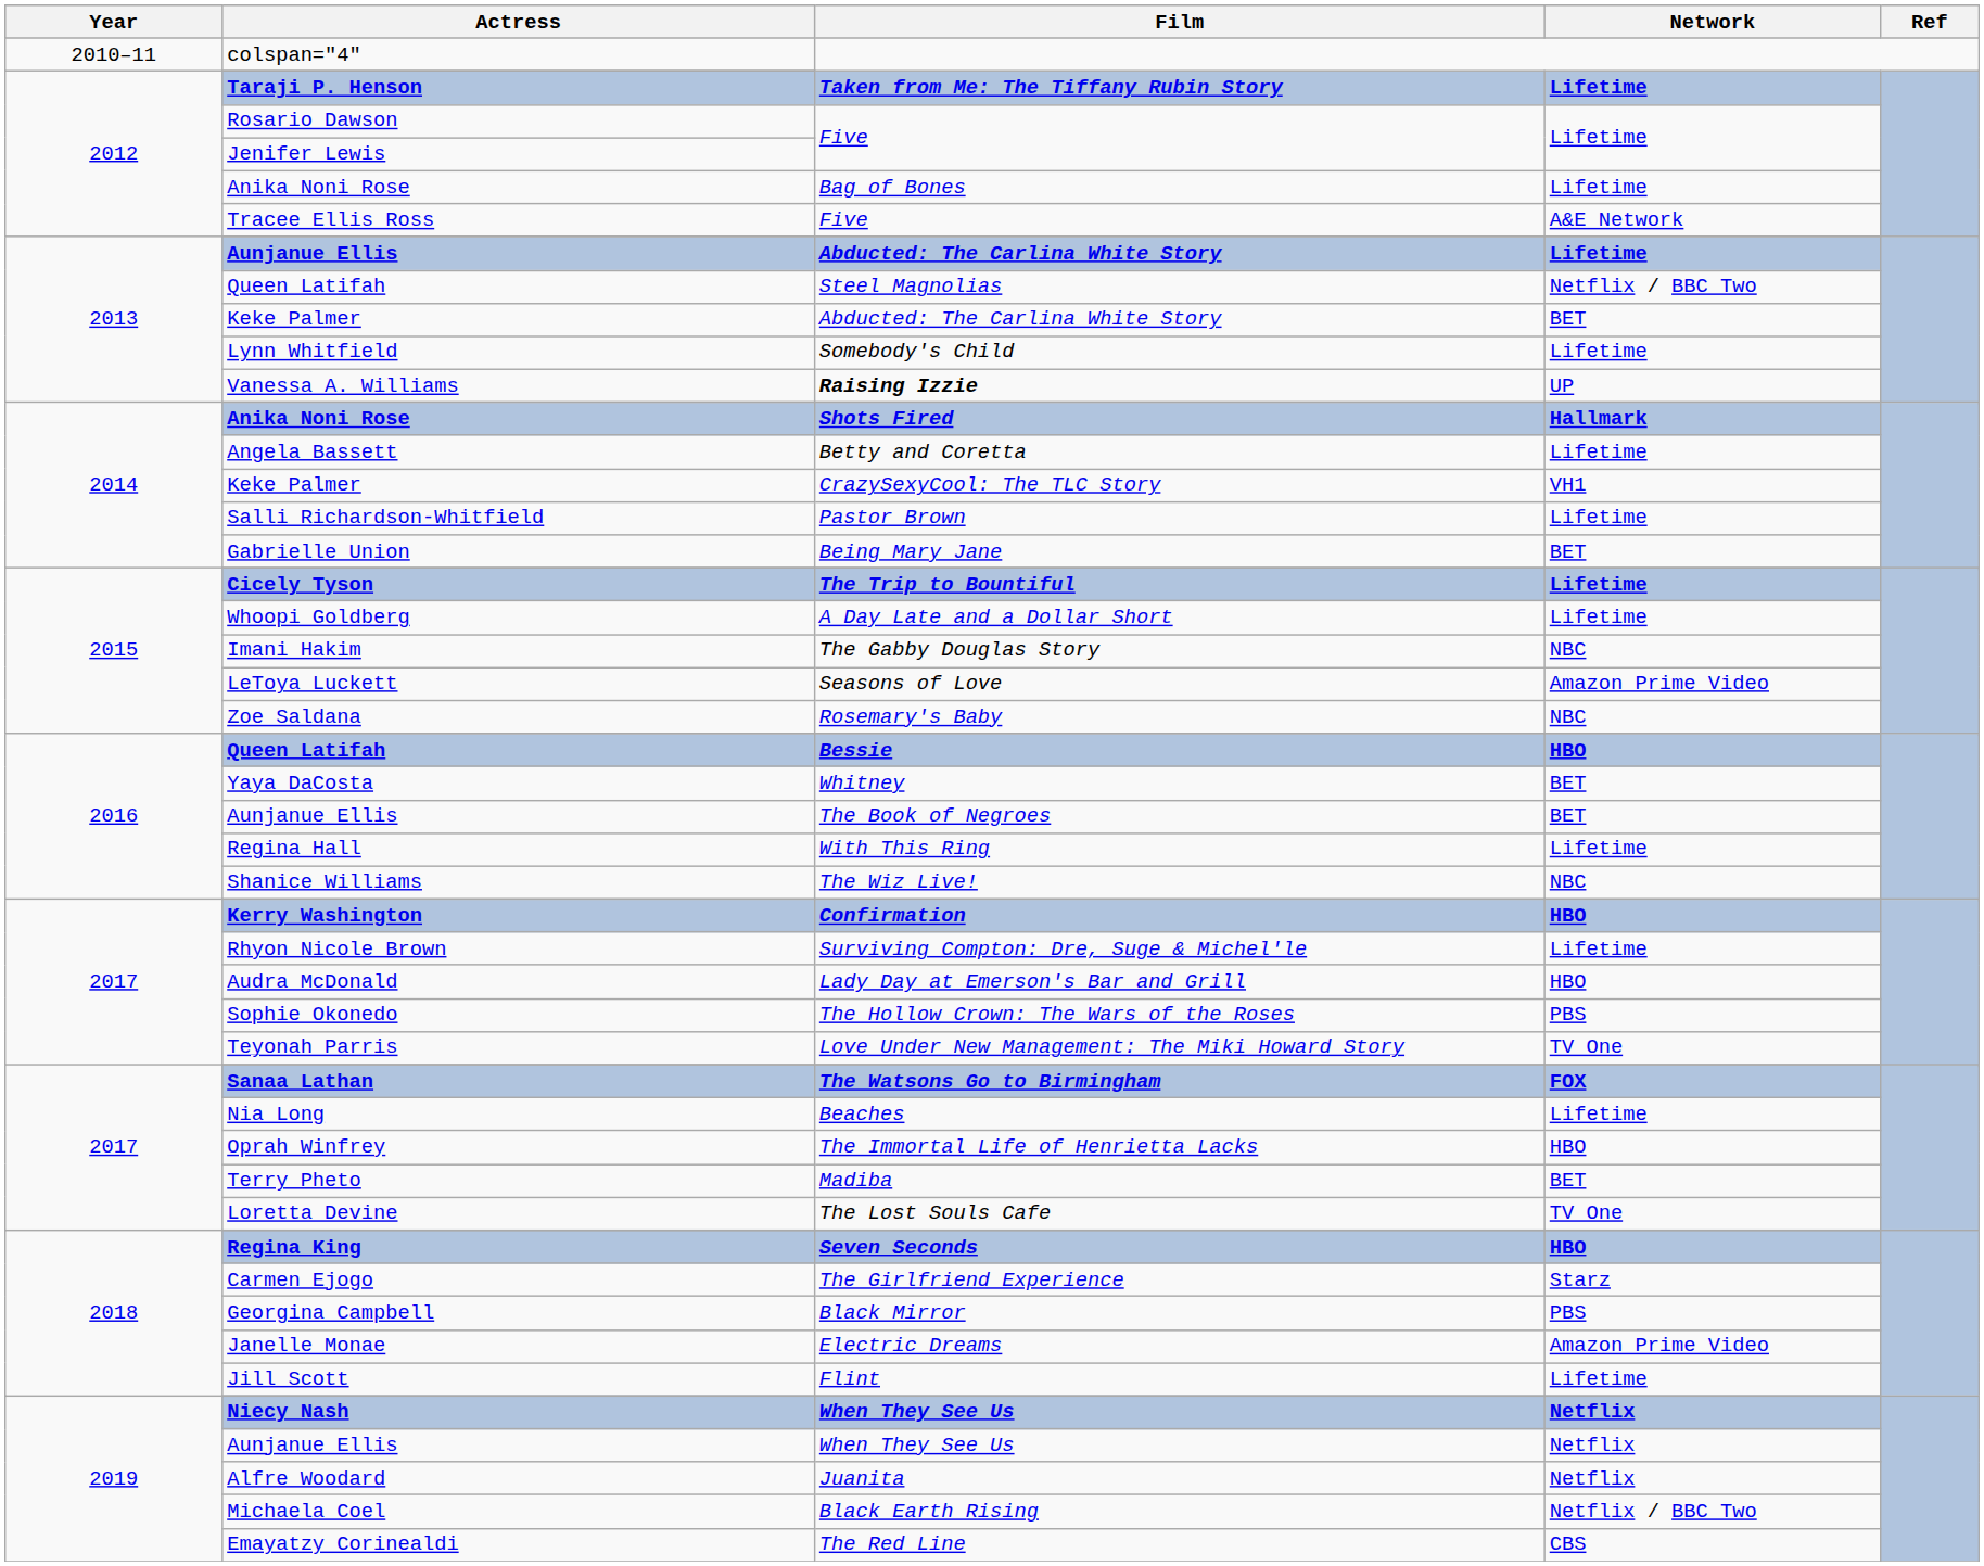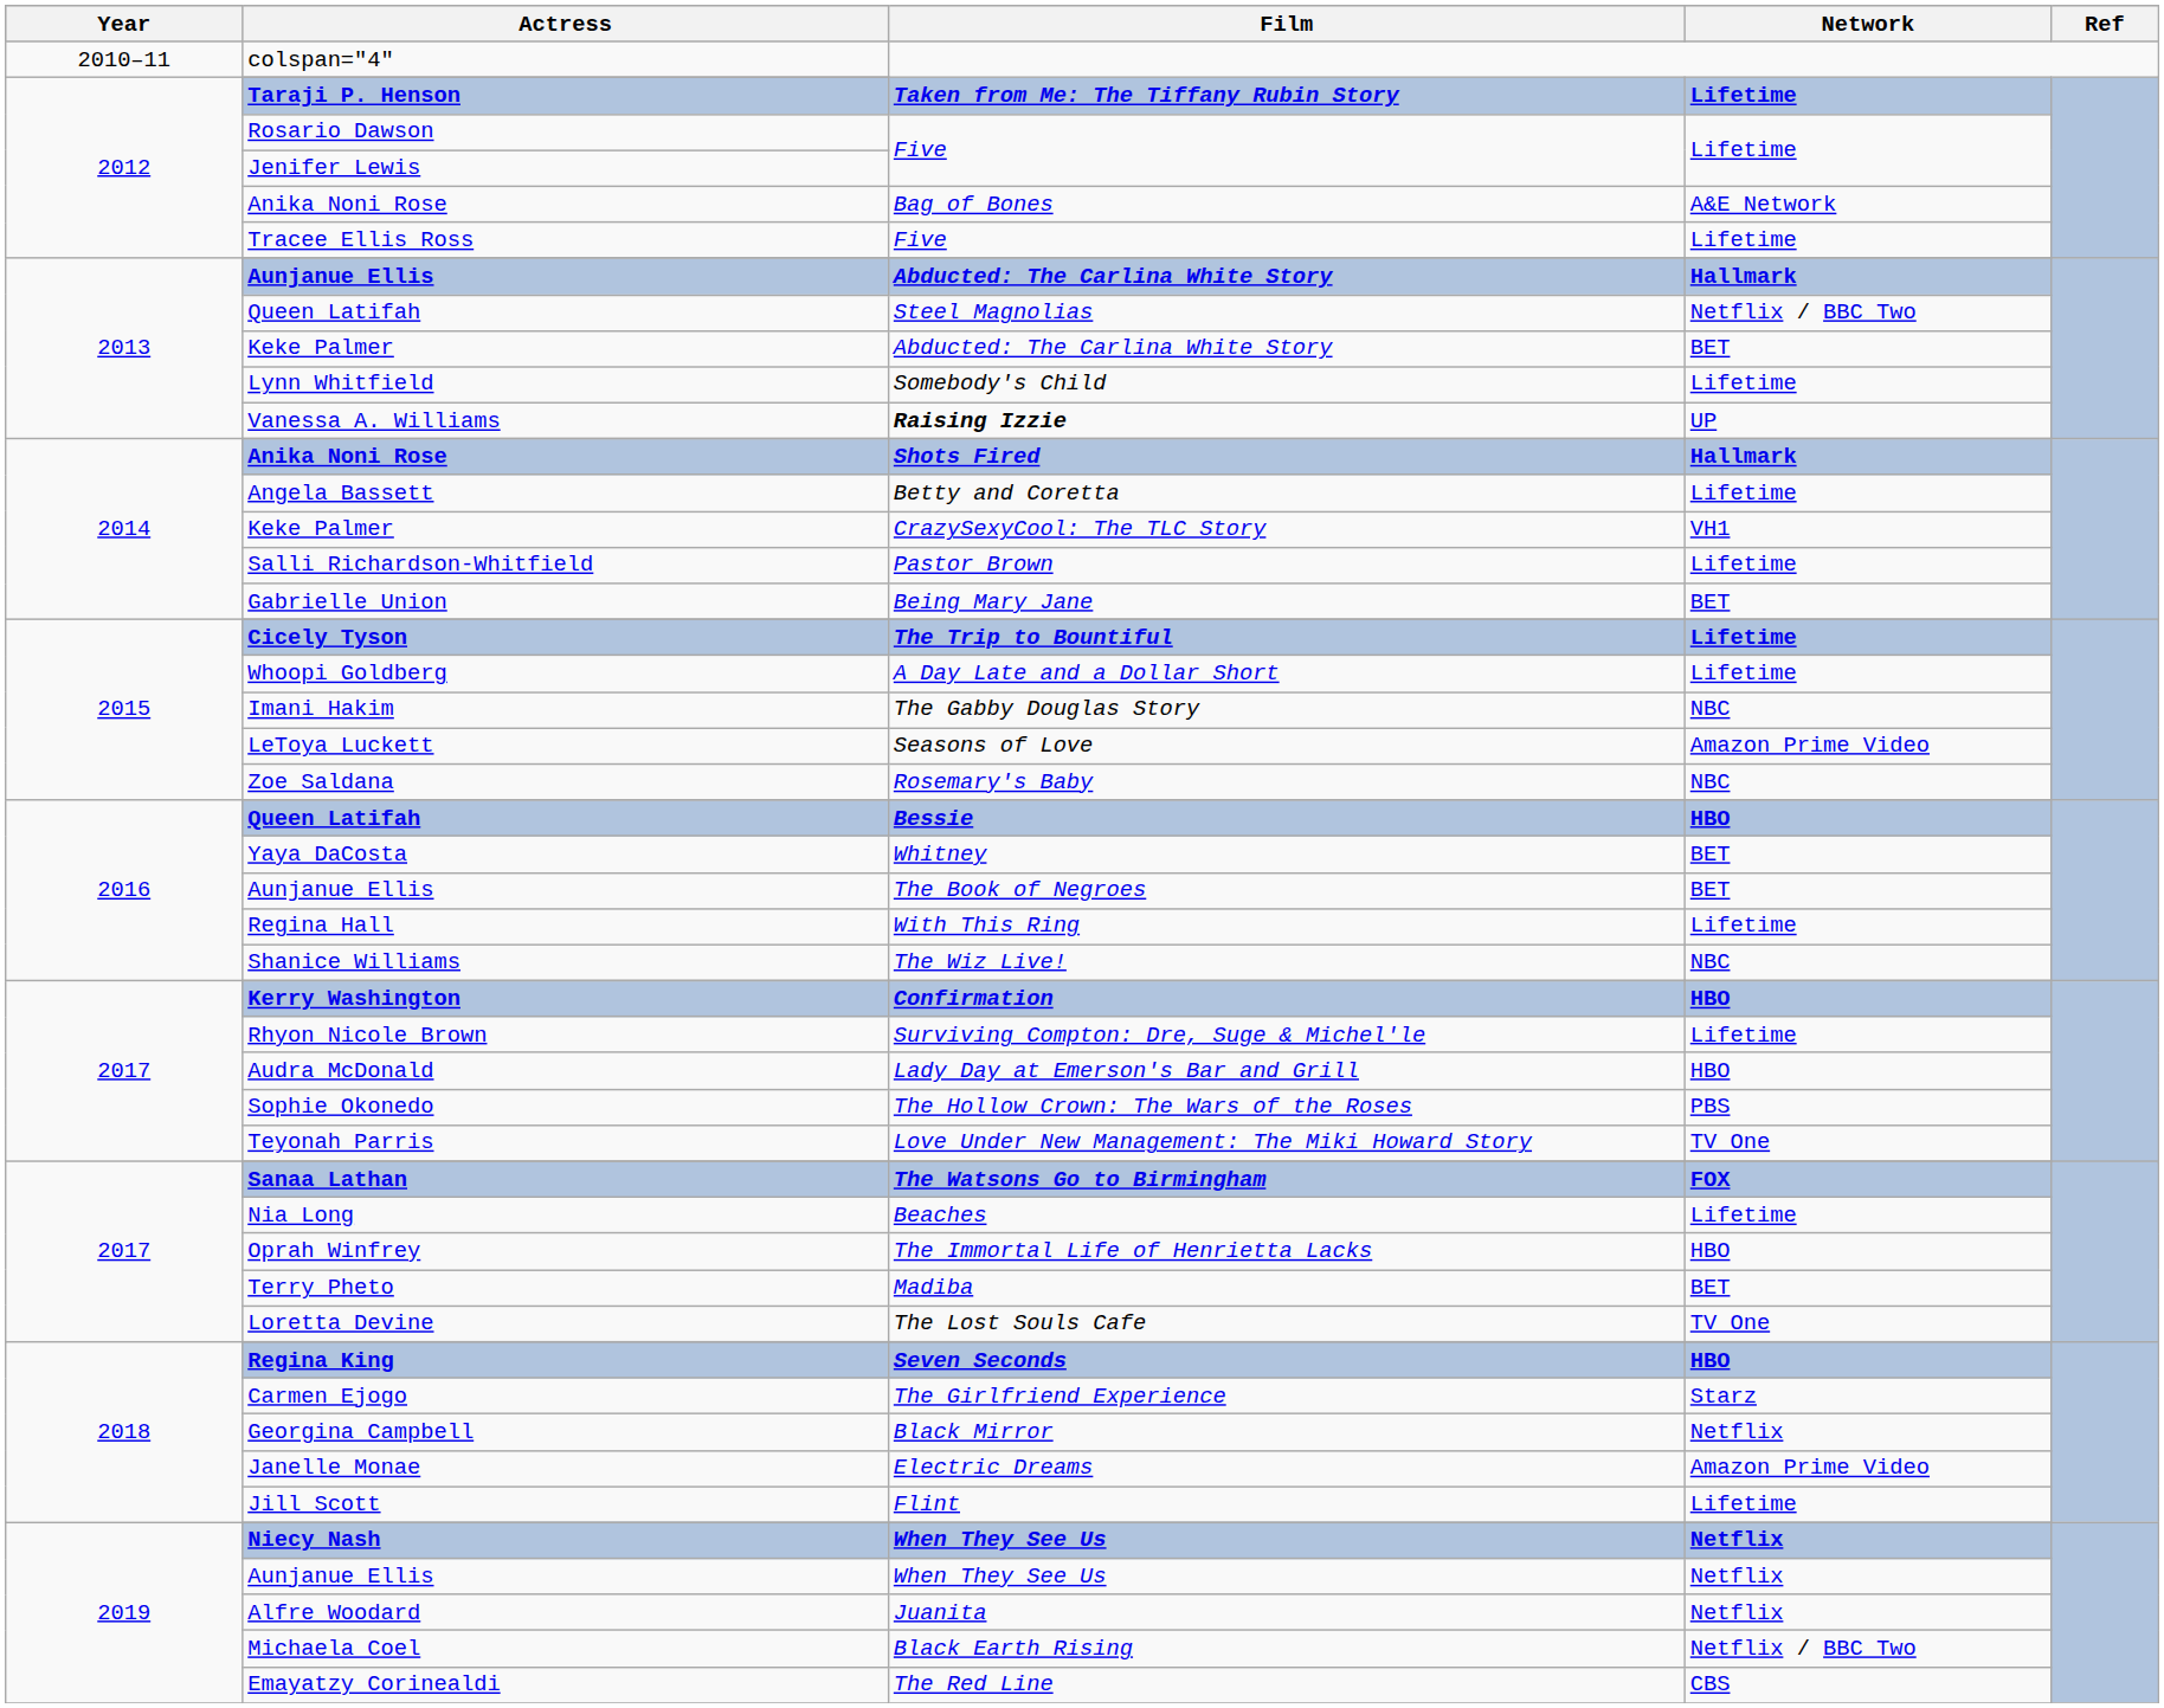 <table class="wikitable" style="width:100%;">
 <tr style="background:#bebebe;">
 <th style="width:11%;">Year</th>
 <th style="width:30%;">Actress</th>
 <th style="width:37%;">Film</th>
 <th style="width:17%;">Network</th>
 <th style="width:5%;">Ref</th>
 </tr>
 <tr>
 <td align="center">2010–11</td>
 <td>colspan="4" </td>
 </tr>
 <tr>
 <td rowspan="6" align="center"><a href='#'>2012</a></td>
 </tr>
 <tr style="background:#B0C4DE">
 <td><strong><a href='#'>Taraji P. Henson</a></strong></td>
 <td><strong><em><a href='#'>Taken from Me: The Tiffany Rubin Story</a></em></strong></td>
 <td><strong><a href='#'>Lifetime</a></strong></td>
 <td rowspan="6" align="center"></td>
 </tr>
 <tr>
 <td><a href='#'>Rosario Dawson</a></td>
 <td rowspan="2"><em><a href='#'>Five</a></em></td>
 <td rowspan="2"><a href='#'>Lifetime</a></td>
 </tr>
 <tr>
 <td><a href='#'>Jenifer Lewis</a></td>
 </tr>
 <tr>
 <td><a href='#'>Anika Noni Rose</a></td>
 <td><em><a href='#'>Bag of Bones</a></em></td>
-<td><a href='#'>Lifetime</a></td>
+<td><a href='#'>A&E Network</a></td>
 </tr>
 <tr>
 <td><a href='#'>Tracee Ellis Ross</a></td>
 <td><em><a href='#'>Five</a></em></td>
-<td><a href='#'>A&E Network</a></td>
+<td><a href='#'>Lifetime</a></td>
 </tr>
 <tr>
 <td rowspan="6" align="center"><a href='#'>2013</a></td>
 </tr>
 <tr style="background:#B0C4DE">
 <td><strong><a href='#'>Aunjanue Ellis</a></strong></td>
 <td><strong><em><a href='#'>Abducted: The Carlina White Story</a></em></strong></td>
-<td><strong><a href='#'>Lifetime</a></strong></td>
+<td><strong><a href='#'>Hallmark</a></strong></td>
 <td rowspan="6" align="center"></td>
 </tr>
 <tr>
 <td><a href='#'>Queen Latifah</a></td>
 <td><em><a href='#'>Steel Magnolias</a></em></td>
 <td><a href='#'>Netflix</a> / <a href='#'>BBC Two</a></td>
 </tr>
 <tr>
 <td><a href='#'>Keke Palmer</a></td>
 <td><em><a href='#'>Abducted: The Carlina White Story</a></em></td>
 <td><a href='#'>BET</a></td>
 </tr>
 <tr>
 <td><a href='#'>Lynn Whitfield</a></td>
 <td><em>Somebody's Child</em></td>
 <td><a href='#'>Lifetime</a></td>
 </tr>
 <tr>
 <td><a href='#'>Vanessa A. Williams</a></td>
 <td><strong><em>Raising Izzie</em></strong></td>
 <td><a href='#'>UP</a></td>
 </tr>
 <tr>
 <td rowspan="6" align="center"><a href='#'>2014</a></td>
 </tr>
 <tr style="background:#B0C4DE">
 <td><strong><a href='#'>Anika Noni Rose</a></strong></td>
 <td><strong><em><a href='#'>Shots Fired</a></em></strong></td>
 <td><strong><a href='#'>Hallmark</a></strong></td>
 <td rowspan="6" align="center"></td>
 </tr>
 <tr>
 <td><a href='#'>Angela Bassett</a></td>
 <td><em>Betty and Coretta</em></td>
 <td><a href='#'>Lifetime</a></td>
 </tr>
 <tr>
 <td><a href='#'>Keke Palmer</a></td>
 <td><em><a href='#'>CrazySexyCool: The TLC Story</a></em></td>
 <td><a href='#'>VH1</a></td>
 </tr>
 <tr>
 <td><a href='#'>Salli Richardson-Whitfield</a></td>
 <td><em><a href='#'>Pastor Brown</a></em></td>
 <td><a href='#'>Lifetime</a></td>
 </tr>
 <tr>
 <td><a href='#'>Gabrielle Union</a></td>
 <td><em><a href='#'>Being Mary Jane</a></em></td>
 <td><a href='#'>BET</a></td>
 </tr>
 <tr>
 <td rowspan="6" align="center"><a href='#'>2015</a></td>
 </tr>
 <tr style="background:#B0C4DE">
 <td><strong><a href='#'>Cicely Tyson</a></strong></td>
 <td><strong><em><a href='#'>The Trip to Bountiful</a></em></strong></td>
 <td><strong><a href='#'>Lifetime</a></strong></td>
 <td rowspan="6" align="center"></td>
 </tr>
 <tr>
 <td><a href='#'>Whoopi Goldberg</a></td>
 <td><em><a href='#'>A Day Late and a Dollar Short</a></em></td>
 <td><a href='#'>Lifetime</a></td>
 </tr>
 <tr>
 <td><a href='#'>Imani Hakim</a></td>
 <td><em>The Gabby Douglas Story</em></td>
 <td><a href='#'>NBC</a></td>
 </tr>
 <tr>
 <td><a href='#'>LeToya Luckett</a></td>
 <td><em>Seasons of Love</em></td>
 <td><a href='#'>Amazon Prime Video</a></td>
 </tr>
 <tr>
 <td><a href='#'>Zoe Saldana</a></td>
 <td><em><a href='#'>Rosemary's Baby</a></em></td>
 <td><a href='#'>NBC</a></td>
 </tr>
 <tr>
 <td rowspan="6" align="center"><a href='#'>2016</a></td>
 </tr>
 <tr style="background:#B0C4DE">
 <td><strong><a href='#'>Queen Latifah</a></strong></td>
 <td><strong><em><a href='#'>Bessie</a></em></strong></td>
 <td><strong><a href='#'>HBO</a></strong></td>
 <td rowspan="6" align="center"></td>
 </tr>
 <tr>
 <td><a href='#'>Yaya DaCosta</a></td>
 <td><em><a href='#'>Whitney</a></em></td>
 <td><a href='#'>BET</a></td>
 </tr>
 <tr>
 <td><a href='#'>Aunjanue Ellis</a></td>
 <td><em><a href='#'>The Book of Negroes</a></em></td>
 <td><a href='#'>BET</a></td>
 </tr>
 <tr>
 <td><a href='#'>Regina Hall</a></td>
 <td><em><a href='#'>With This Ring</a></em></td>
 <td><a href='#'>Lifetime</a></td>
 </tr>
 <tr>
 <td><a href='#'>Shanice Williams</a></td>
 <td><em><a href='#'>The Wiz Live!</a></em></td>
 <td><a href='#'>NBC</a></td>
 </tr>
 <tr>
 <td rowspan="6" align="center"><a href='#'>2017</a></td>
 </tr>
 <tr style="background:#B0C4DE">
 <td><strong><a href='#'>Kerry Washington</a></strong></td>
 <td><strong><em><a href='#'>Confirmation</a></em></strong></td>
 <td><strong><a href='#'>HBO</a></strong></td>
 <td rowspan="6" align="center"></td>
 </tr>
 <tr>
 <td><a href='#'>Rhyon Nicole Brown</a></td>
 <td><em><a href='#'>Surviving Compton: Dre, Suge & Michel'le</a></em></td>
 <td><a href='#'>Lifetime</a></td>
 </tr>
 <tr>
 <td><a href='#'>Audra McDonald</a></td>
 <td><em><a href='#'>Lady Day at Emerson's Bar and Grill</a></em></td>
 <td><a href='#'>HBO</a></td>
 </tr>
 <tr>
 <td><a href='#'>Sophie Okonedo</a></td>
 <td><em><a href='#'>The Hollow Crown: The Wars of the Roses</a></em></td>
 <td><a href='#'>PBS</a></td>
 </tr>
 <tr>
 <td><a href='#'>Teyonah Parris</a></td>
 <td><em><a href='#'>Love Under New Management: The Miki Howard Story</a></em></td>
 <td><a href='#'>TV One</a></td>
 </tr>
 <tr>
 <td rowspan="6" align="center"><a href='#'>2017</a></td>
 </tr>
 <tr style="background:#B0C4DE">
 <td><strong><a href='#'>Sanaa Lathan</a></strong></td>
 <td><strong><em><a href='#'>The Watsons Go to Birmingham</a></em></strong></td>
 <td><strong><a href='#'>FOX</a></strong></td>
 <td rowspan="6" align="center"></td>
 </tr>
 <tr>
 <td><a href='#'>Nia Long</a></td>
 <td><em><a href='#'>Beaches</a></em></td>
 <td><a href='#'>Lifetime</a></td>
 </tr>
 <tr>
 <td><a href='#'>Oprah Winfrey</a></td>
 <td><em><a href='#'>The Immortal Life of Henrietta Lacks</a></em></td>
 <td><a href='#'>HBO</a></td>
 </tr>
 <tr>
 <td><a href='#'>Terry Pheto</a></td>
 <td><em><a href='#'>Madiba</a></em></td>
 <td><a href='#'>BET</a></td>
 </tr>
 <tr>
 <td><a href='#'>Loretta Devine</a></td>
 <td><em>The Lost Souls Cafe</em></td>
 <td><a href='#'>TV One</a></td>
 </tr>
 <tr>
 <td rowspan="6" align="center"><a href='#'>2018</a></td>
 </tr>
 <tr style="background:#B0C4DE">
 <td><strong><a href='#'>Regina King</a></strong></td>
 <td><strong><em><a href='#'>Seven Seconds</a></em></strong></td>
 <td><strong><a href='#'>HBO</a></strong></td>
 <td rowspan="6" align="center"></td>
 </tr>
 <tr>
 <td><a href='#'>Carmen Ejogo</a></td>
 <td><em><a href='#'>The Girlfriend Experience</a></em></td>
 <td><a href='#'>Starz</a></td>
 </tr>
 <tr>
 <td><a href='#'>Georgina Campbell</a></td>
 <td><em><a href='#'>Black Mirror</a></em></td>
-<td><a href='#'>PBS</a></td>
+<td><a href='#'>Netflix</a></td>
 </tr>
 <tr>
 <td><a href='#'>Janelle Monae</a></td>
 <td><em><a href='#'>Electric Dreams</a></em></td>
 <td><a href='#'>Amazon Prime Video</a></td>
 </tr>
 <tr>
 <td><a href='#'>Jill Scott</a></td>
 <td><em><a href='#'>Flint</a></em></td>
 <td><a href='#'>Lifetime</a></td>
 </tr>
 <tr>
 <td rowspan="6" align="center"><a href='#'>2019</a></td>
 </tr>
 <tr style="background:#B0C4DE">
 <td><strong><a href='#'>Niecy Nash</a></strong></td>
 <td><strong><em><a href='#'>When They See Us</a></em></strong></td>
 <td><strong><a href='#'>Netflix</a></strong></td>
 <td rowspan="6" align="center"></td>
 </tr>
 <tr>
 <td><a href='#'>Aunjanue Ellis</a></td>
 <td><em><a href='#'>When They See Us</a></em></td>
 <td><a href='#'>Netflix</a></td>
 </tr>
 <tr>
 <td><a href='#'>Alfre Woodard</a></td>
 <td><em><a href='#'>Juanita</a></em></td>
 <td><a href='#'>Netflix</a></td>
 </tr>
 <tr>
 <td><a href='#'>Michaela Coel</a></td>
 <td><em><a href='#'>Black Earth Rising</a></em></td>
 <td><a href='#'>Netflix</a> / <a href='#'>BBC Two</a></td>
 </tr>
 <tr>
 <td><a href='#'>Emayatzy Corinealdi</a></td>
 <td><em><a href='#'>The Red Line</a></em></td>
 <td><a href='#'>CBS</a></td>
 </tr>
 </table>
